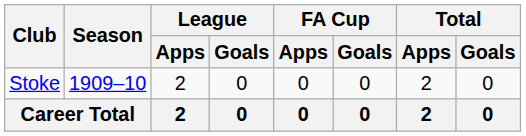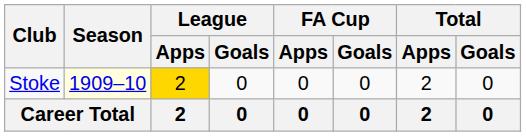 <table class="wikitable" style="text-align: center;">
 <tr>
 <th rowspan="2">Club</th>
 <th rowspan="2">Season</th>
 <th colspan="2">League</th>
 <th colspan="2">FA Cup</th>
 <th colspan="2">Total</th>
 </tr>
 <tr>
 <th>Apps</th>
 <th>Goals</th>
 <th>Apps</th>
 <th>Goals</th>
 <th>Apps</th>
 <th>Goals</th>
 </tr>
 <tr>
 <td><a href='#'>Stoke</a></td>
-<td><a href='#'>1909–10</a></td>
-<td>2</td>
+<td style="background: lightyellow;"><a href='#'>1909–10</a></td>
+<td style="background: gold;">2</td>
 <td>0</td>
 <td>0</td>
 <td>0</td>
 <td>2</td>
 <td>0</td>
 </tr>
 <tr>
 <th colspan="2">Career Total</th>
 <th>2</th>
 <th>0</th>
 <th>0</th>
 <th>0</th>
 <th>2</th>
 <th>0</th>
 </tr>
 </table>
